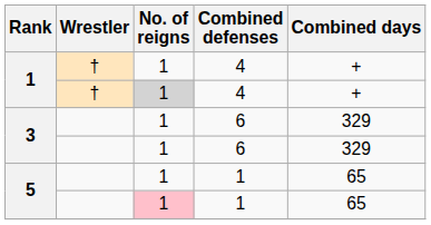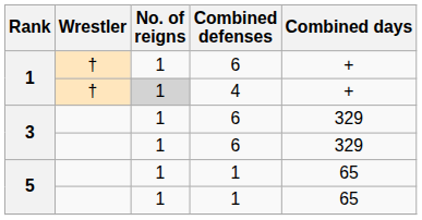 <table class="wikitable sortable" style="text-align:center;">
 <tr>
 <th>Rank</th>
 <th>Wrestler</th>
 <th data-sort-type="number">No. of<br>reigns</th>
 <th data-sort-type="number">Combined<br>defenses</th>
 <th data-sort-type="number">Combined days</th>
 </tr>
 <tr>
 <th rowspan=2>1</th>
 <td style="background-color: #ffe6bd"> †</td>
 <td>1</td>
-<td>4</td>
+<td>6</td>
 <td>+</td>
 </tr>
 <tr>
 <td style="background-color: #ffe6bd"> †</td>
 <td style="background: lightgrey;">1</td>
 <td>4</td>
 <td>+</td>
 </tr>
 <tr>
 <th rowspan=2>3</th>
 <td></td>
 <td>1</td>
 <td>6</td>
 <td>329</td>
 </tr>
 <tr>
 <td></td>
 <td>1</td>
 <td>6</td>
 <td>329</td>
 </tr>
 <tr>
 <th rowspan=2>5</th>
 <td></td>
 <td>1</td>
 <td>1</td>
 <td>65</td>
 </tr>
 <tr>
 <td></td>
-<td style="background: pink;">1</td>
+<td>1</td>
 <td>1</td>
 <td>65</td>
 </tr>
 <tr>
 </tr>
 </table>
